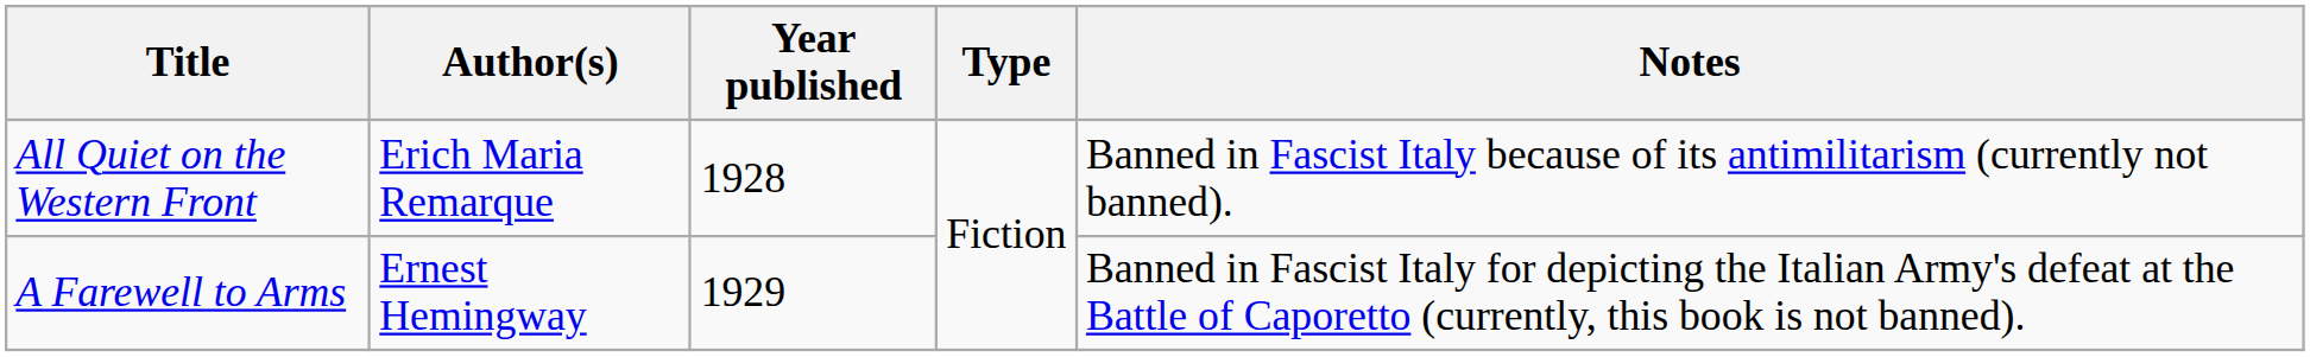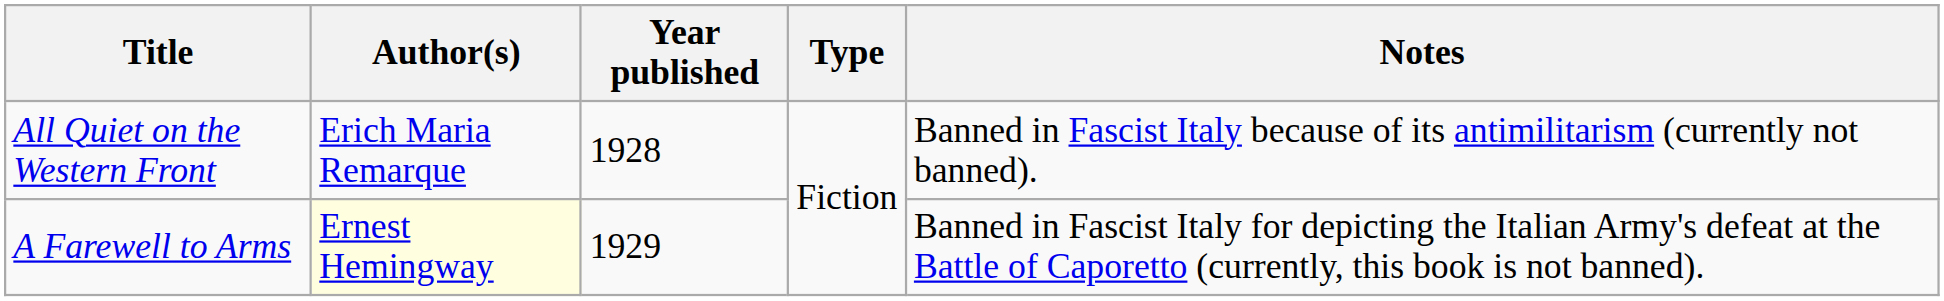 <table class="wikitable sortable">
 <tr>
 <th>Title</th>
 <th>Author(s)</th>
 <th>Year published</th>
 <th>Type</th>
 <th class="unsortable">Notes</th>
 </tr>
 <tr>
 <td><em><a href='#'>All Quiet on the Western Front</a></em></td>
 <td><a href='#'>Erich Maria Remarque</a></td>
 <td>1928</td>
 <td rowspan="2">Fiction</td>
 <td>Banned in <a href='#'>Fascist Italy</a> because of its <a href='#'>antimilitarism</a> (currently not banned).</td>
 </tr>
 <tr>
 <td><em><a href='#'>A Farewell to Arms</a></em></td>
-<td><a href='#'>Ernest Hemingway</a></td>
+<td style="background: lightyellow;"><a href='#'>Ernest Hemingway</a></td>
 <td>1929</td>
 <td>Banned in Fascist Italy for depicting the Italian Army's defeat at the <a href='#'>Battle of Caporetto</a> (currently, this book is not banned).</td>
 </tr>
 </table>
